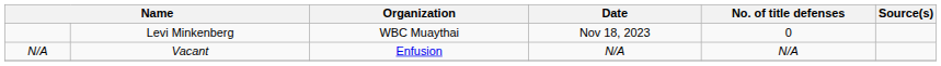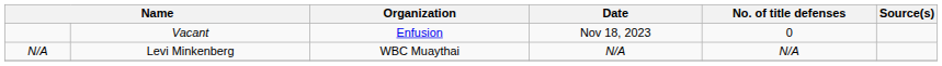 <table class="wikitable" style="width:99%; text-align:center;">
 <tr>
 <th colspan="2" style="width:35%;">Name</th>
 <th style="width:25%;">Organization</th>
 <th width=20%>Date</th>
 <th width=20%>No. of title defenses</th>
 <th>Source(s)</th>
 </tr>
 <tr>
 <td><br></td>
-<td>Levi Minkenberg</td>
-<td>WBC Muaythai</td>
+<td><em>Vacant</em></td>
+<td><a href='#'>Enfusion</a></td>
 <td>Nov 18, 2023</td>
 <td>0</td>
 <td></td>
 </tr>
 <tr>
 <td><em>N/A</em></td>
-<td><em>Vacant</em></td>
-<td><a href='#'>Enfusion</a></td>
+<td>Levi Minkenberg</td>
+<td>WBC Muaythai</td>
 <td><em>N/A</em></td>
 <td><em>N/A</em></td>
 <td></td>
 </tr>
 <tr>
 </tr>
 </table>
